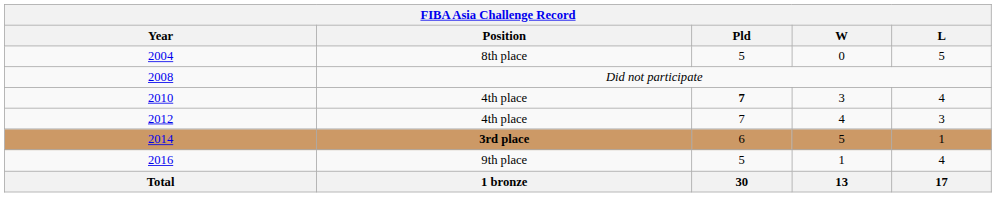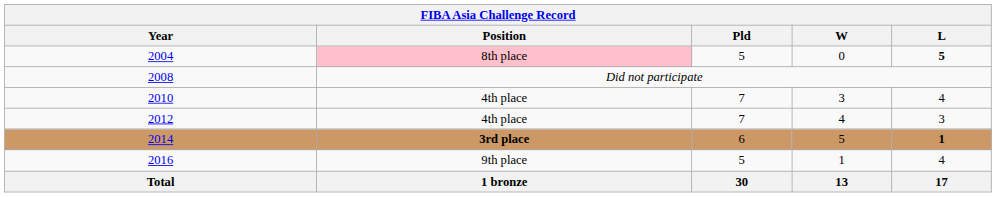 <table class="wikitable collapsible autocollapse" style="text-align: center; font-size:95%;" width=60%>
 <tr>
 <th colspan=9><a href='#'>FIBA Asia Challenge Record</a></th>
 </tr>
 <tr>
 <th width=25%>Year</th>
 <th width=30%>Position</th>
 <th width=8%>Pld</th>
 <th width=8%>W</th>
 <th width=8%>L</th>
 </tr>
 <tr>
 <td> <a href='#'>2004</a></td>
-<td>8th place</td>
+<td style="background: pink;">8th place</td>
 <td>5</td>
 <td>0</td>
-<td>5</td>
+<td><strong>5</strong></td>
 </tr>
 <tr>
 <td> <a href='#'>2008</a></td>
 <td colspan=4><em>Did not participate</em></td>
 </tr>
 <tr>
 <td> <a href='#'>2010</a></td>
 <td>4th place</td>
-<td><strong>7</strong></td>
+<td>7</td>
 <td>3</td>
 <td>4</td>
 </tr>
 <tr>
 <td> <a href='#'>2012</a></td>
 <td>4th place</td>
 <td>7</td>
 <td>4</td>
 <td>3</td>
 </tr>
 <tr bgcolor=#cc9966>
 <td> <a href='#'>2014</a></td>
 <td><strong>3rd place</strong></td>
 <td>6</td>
 <td>5</td>
-<td>1</td>
+<td><strong>1</strong></td>
 </tr>
 <tr>
 <td> <a href='#'>2016</a></td>
 <td>9th place</td>
 <td>5</td>
 <td>1</td>
 <td>4</td>
 </tr>
 <tr>
 <th><strong>Total</strong></th>
 <th>1 bronze</th>
 <th>30</th>
 <th>13</th>
 <th>17</th>
 </tr>
 </table>
